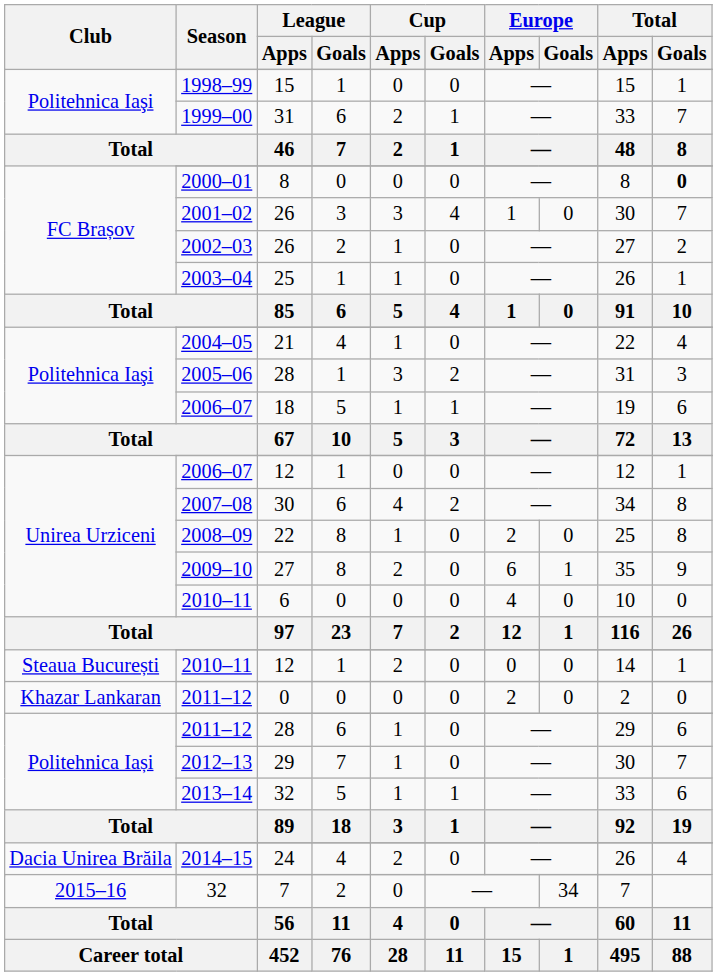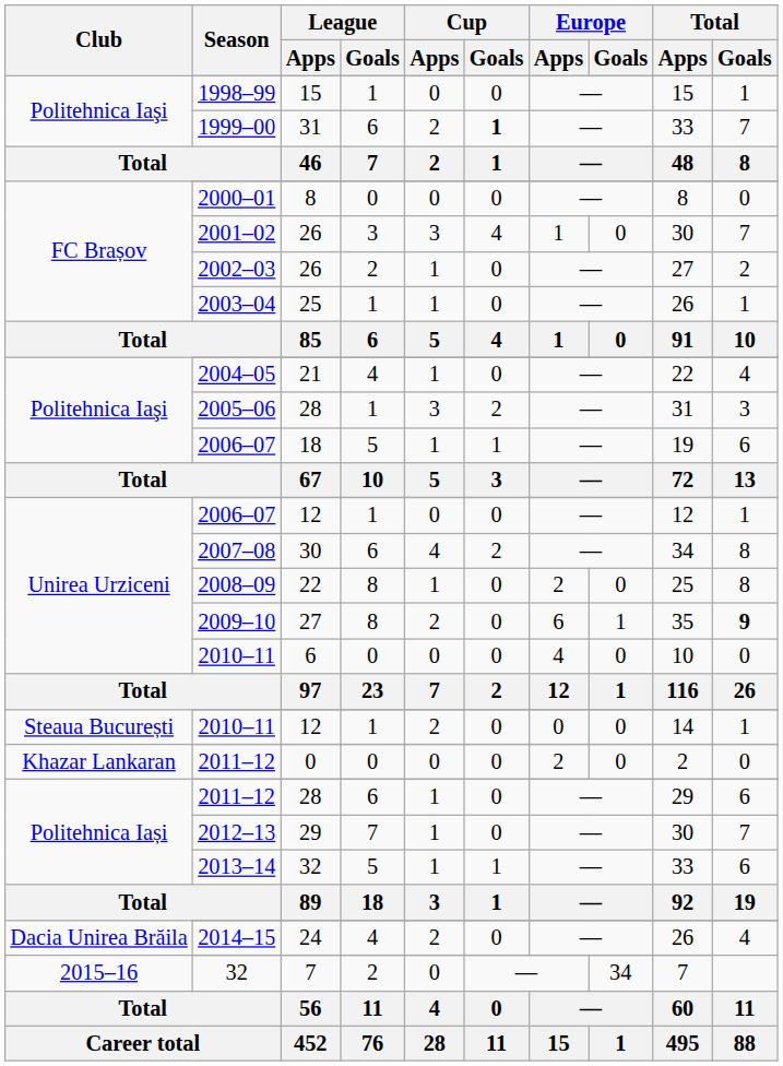 <table class="wikitable" style="font-size:100%; text-align: center;">
 <tr>
 <th rowspan="2">Club</th>
 <th rowspan="2">Season</th>
 <th colspan="2">League</th>
 <th colspan="2">Cup</th>
 <th colspan="2"><a href='#'>Europe</a></th>
 <th colspan="2">Total</th>
 </tr>
 <tr>
 <th>Apps</th>
 <th>Goals</th>
 <th>Apps</th>
 <th>Goals</th>
 <th>Apps</th>
 <th>Goals</th>
 <th>Apps</th>
 <th>Goals</th>
 </tr>
 <tr>
 <td rowspan="3" valign="center"><a href='#'>Politehnica Iaşi</a></td>
 </tr>
 <tr>
 <td><a href='#'>1998–99</a></td>
 <td>15</td>
 <td>1</td>
 <td>0</td>
 <td>0</td>
 <td colspan="2">—</td>
 <td>15</td>
 <td>1</td>
 </tr>
 <tr>
 <td><a href='#'>1999–00</a></td>
 <td>31</td>
 <td>6</td>
 <td>2</td>
-<td>1</td>
+<td><strong>1</strong></td>
 <td colspan="2">—</td>
 <td>33</td>
 <td>7</td>
 </tr>
 <tr>
 <th colspan="2">Total</th>
 <th>46</th>
 <th>7</th>
 <th>2</th>
 <th>1</th>
 <th colspan="2">—</th>
 <th>48</th>
 <th>8</th>
 </tr>
 <tr>
 <td rowspan="5" valign="center"><a href='#'>FC Brașov</a></td>
 </tr>
 <tr>
 <td><a href='#'>2000–01</a></td>
 <td>8</td>
 <td>0</td>
 <td>0</td>
 <td>0</td>
 <td colspan="2">—</td>
 <td>8</td>
-<td><strong>0</strong></td>
+<td>0</td>
 </tr>
 <tr>
 <td><a href='#'>2001–02</a></td>
 <td>26</td>
 <td>3</td>
 <td>3</td>
 <td>4</td>
 <td>1</td>
 <td>0</td>
 <td>30</td>
 <td>7</td>
 </tr>
 <tr>
 <td><a href='#'>2002–03</a></td>
 <td>26</td>
 <td>2</td>
 <td>1</td>
 <td>0</td>
 <td colspan="2">—</td>
 <td>27</td>
 <td>2</td>
 </tr>
 <tr>
 <td><a href='#'>2003–04</a></td>
 <td>25</td>
 <td>1</td>
 <td>1</td>
 <td>0</td>
 <td colspan="2">—</td>
 <td>26</td>
 <td>1</td>
 </tr>
 <tr>
 <th colspan="2">Total</th>
 <th>85</th>
 <th>6</th>
 <th>5</th>
 <th>4</th>
 <th>1</th>
 <th>0</th>
 <th>91</th>
 <th>10</th>
 </tr>
 <tr>
 <td rowspan="4" valign="center"><a href='#'>Politehnica Iaşi</a></td>
 </tr>
 <tr>
 <td><a href='#'>2004–05</a></td>
 <td>21</td>
 <td>4</td>
 <td>1</td>
 <td>0</td>
 <td colspan="2">—</td>
 <td>22</td>
 <td>4</td>
 </tr>
 <tr>
 <td><a href='#'>2005–06</a></td>
 <td>28</td>
 <td>1</td>
 <td>3</td>
 <td>2</td>
 <td colspan="2">—</td>
 <td>31</td>
 <td>3</td>
 </tr>
 <tr>
 <td><a href='#'>2006–07</a></td>
 <td>18</td>
 <td>5</td>
 <td>1</td>
 <td>1</td>
 <td colspan="2">—</td>
 <td>19</td>
 <td>6</td>
 </tr>
 <tr>
 <th colspan="2">Total</th>
 <th>67</th>
 <th>10</th>
 <th>5</th>
 <th>3</th>
 <th colspan="2">—</th>
 <th>72</th>
 <th>13</th>
 </tr>
 <tr>
 <td rowspan="6" valign="center"><a href='#'>Unirea Urziceni</a></td>
 </tr>
 <tr>
 <td><a href='#'>2006–07</a></td>
 <td>12</td>
 <td>1</td>
 <td>0</td>
 <td>0</td>
 <td colspan="2">—</td>
 <td>12</td>
 <td>1</td>
 </tr>
 <tr>
 <td><a href='#'>2007–08</a></td>
 <td>30</td>
 <td>6</td>
 <td>4</td>
 <td>2</td>
 <td colspan="2">—</td>
 <td>34</td>
 <td>8</td>
 </tr>
 <tr>
 <td><a href='#'>2008–09</a></td>
 <td>22</td>
 <td>8</td>
 <td>1</td>
 <td>0</td>
 <td>2</td>
 <td>0</td>
 <td>25</td>
 <td>8</td>
 </tr>
 <tr>
 <td><a href='#'>2009–10</a></td>
 <td>27</td>
 <td>8</td>
 <td>2</td>
 <td>0</td>
 <td>6</td>
 <td>1</td>
 <td>35</td>
-<td>9</td>
+<td><strong>9</strong></td>
 </tr>
 <tr>
 <td><a href='#'>2010–11</a></td>
 <td>6</td>
 <td>0</td>
 <td>0</td>
 <td>0</td>
 <td>4</td>
 <td>0</td>
 <td>10</td>
 <td>0</td>
 </tr>
 <tr>
 <th colspan="2">Total</th>
 <th>97</th>
 <th>23</th>
 <th>7</th>
 <th>2</th>
 <th>12</th>
 <th>1</th>
 <th>116</th>
 <th>26</th>
 </tr>
 <tr>
 <td rowspan="2" valign="center"><a href='#'>Steaua București</a></td>
 </tr>
 <tr>
 <td><a href='#'>2010–11</a></td>
 <td>12</td>
 <td>1</td>
 <td>2</td>
 <td>0</td>
 <td>0</td>
 <td>0</td>
 <td>14</td>
 <td>1</td>
 </tr>
 <tr>
 <td rowspan="2" valign="center"><a href='#'>Khazar Lankaran</a></td>
 </tr>
 <tr>
 <td><a href='#'>2011–12</a></td>
 <td>0</td>
 <td>0</td>
 <td>0</td>
 <td>0</td>
 <td>2</td>
 <td>0</td>
 <td>2</td>
 <td>0</td>
 </tr>
 <tr>
 <td rowspan="4" valign="center"><a href='#'>Politehnica Iași</a></td>
 </tr>
 <tr>
 <td><a href='#'>2011–12</a></td>
 <td>28</td>
 <td>6</td>
 <td>1</td>
 <td>0</td>
 <td colspan="2">—</td>
 <td>29</td>
 <td>6</td>
 </tr>
 <tr>
 <td><a href='#'>2012–13</a></td>
 <td>29</td>
 <td>7</td>
 <td>1</td>
 <td>0</td>
 <td colspan="2">—</td>
 <td>30</td>
 <td>7</td>
 </tr>
 <tr>
 <td><a href='#'>2013–14</a></td>
 <td>32</td>
 <td>5</td>
 <td>1</td>
 <td>1</td>
 <td colspan="2">—</td>
 <td>33</td>
 <td>6</td>
 </tr>
 <tr>
 <th colspan="2">Total</th>
 <th>89</th>
 <th>18</th>
 <th>3</th>
 <th>1</th>
 <th colspan="2">—</th>
 <th>92</th>
 <th>19</th>
 </tr>
 <tr>
 <td rowspan="3" valign="center"><a href='#'>Dacia Unirea Brăila</a></td>
 </tr>
 <tr>
 <td><a href='#'>2014–15</a></td>
 <td>24</td>
 <td>4</td>
 <td>2</td>
 <td>0</td>
 <td colspan="2">—</td>
 <td>26</td>
 <td>4</td>
 </tr>
 <tr>
 </tr>
 <tr>
 <td><a href='#'>2015–16</a></td>
 <td>32</td>
 <td>7</td>
 <td>2</td>
 <td>0</td>
 <td colspan="2">—</td>
 <td>34</td>
 <td>7</td>
 </tr>
 <tr>
 <th colspan="2">Total</th>
 <th>56</th>
 <th>11</th>
 <th>4</th>
 <th>0</th>
 <th colspan="2">—</th>
 <th>60</th>
 <th>11</th>
 </tr>
 <tr>
 <th colspan="2">Career total</th>
 <th>452</th>
 <th>76</th>
 <th>28</th>
 <th>11</th>
 <th>15</th>
 <th>1</th>
 <th>495</th>
 <th>88</th>
 </tr>
 </table>
